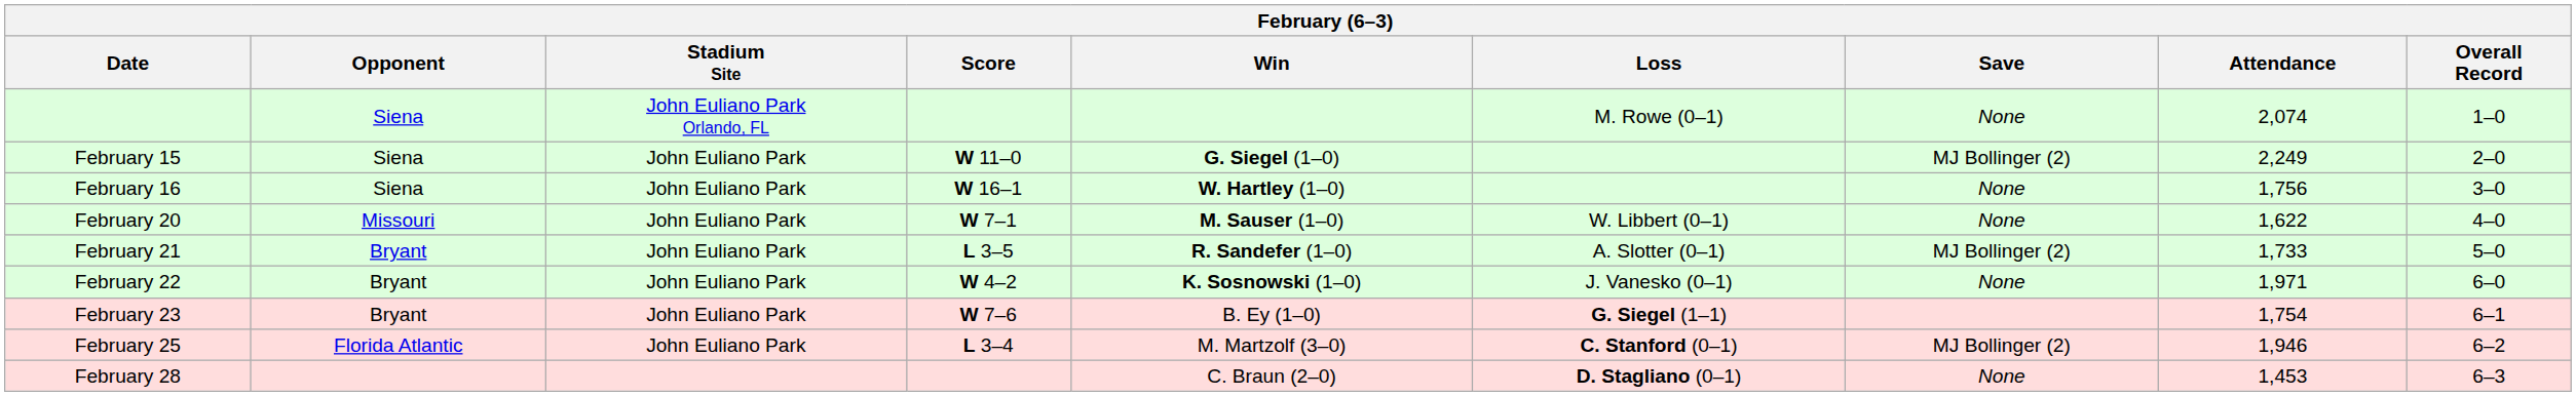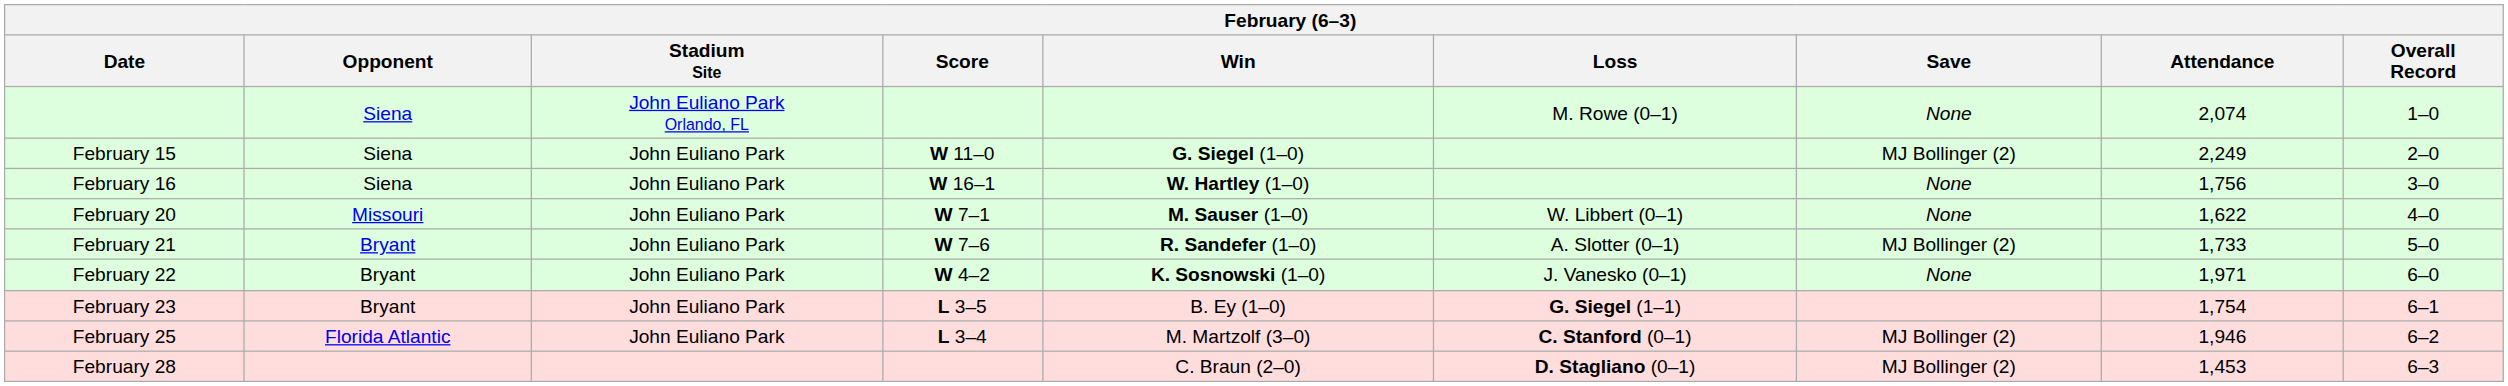 <table class="wikitable collapsible collapsed" style="margin:auto; width:100%; text-align:center; font-size:95%">
 <tr>
 <th colspan=12 style="padding-left:4em;">February (6–3)</th>
 </tr>
 <tr>
 <th>Date</th>
 <th>Opponent</th>
 <th>Stadium<br><small>Site</small></th>
 <th>Score</th>
 <th>Win</th>
 <th>Loss</th>
 <th>Save</th>
 <th>Attendance</th>
 <th>Overall<br>Record</th>
 </tr>
 <tr align="center" bgcolor="ddffdd">
 <td></td>
 <td><a href='#'>Siena</a></td>
 <td><a href='#'>John Euliano Park</a><br><small><a href='#'>Orlando, FL</a></small></td>
 <td></td>
 <td></td>
 <td>M. Rowe (0–1)</td>
 <td><em>None</em></td>
 <td>2,074</td>
 <td>1–0</td>
 </tr>
 <tr align="center" bgcolor="ddffdd">
 <td>February 15</td>
 <td>Siena</td>
 <td>John Euliano Park</td>
 <td><strong>W</strong> 11–0</td>
 <td><strong>G. Siegel</strong> (1–0)</td>
 <td></td>
 <td>MJ Bollinger (2)</td>
 <td>2,249</td>
 <td>2–0</td>
 </tr>
 <tr align="center" bgcolor="ddffdd">
 <td>February 16</td>
 <td>Siena</td>
 <td>John Euliano Park</td>
 <td><strong>W</strong> 16–1</td>
 <td><strong>W. Hartley</strong> (1–0)</td>
 <td></td>
 <td><em>None</em></td>
 <td>1,756</td>
 <td>3–0</td>
 </tr>
 <tr align="center" bgcolor="ddffdd">
 <td>February 20</td>
 <td><a href='#'>Missouri</a></td>
 <td>John Euliano Park</td>
 <td><strong>W</strong> 7–1</td>
 <td><strong>M. Sauser</strong> (1–0)</td>
 <td>W. Libbert (0–1)</td>
 <td><em>None</em></td>
 <td>1,622</td>
 <td>4–0</td>
 </tr>
 <tr align="center" bgcolor="ddffdd">
 <td>February 21</td>
 <td><a href='#'>Bryant</a></td>
 <td>John Euliano Park</td>
-<td><strong>L</strong> 3–5</td>
+<td><strong>W</strong> 7–6</td>
 <td><strong>R. Sandefer</strong> (1–0)</td>
 <td>A. Slotter (0–1)</td>
 <td>MJ Bollinger (2)</td>
 <td>1,733</td>
 <td>5–0</td>
 </tr>
 <tr align="center" bgcolor="ddffdd">
 <td>February 22</td>
 <td>Bryant</td>
 <td>John Euliano Park</td>
 <td><strong>W</strong> 4–2</td>
 <td><strong>K. Sosnowski</strong> (1–0)</td>
 <td>J. Vanesko (0–1)</td>
 <td><em>None</em></td>
 <td>1,971</td>
 <td>6–0</td>
 </tr>
 <tr align="center" bgcolor="ffdddd">
 <td>February 23</td>
 <td>Bryant</td>
 <td>John Euliano Park</td>
-<td><strong>W</strong> 7–6</td>
+<td><strong>L</strong> 3–5</td>
 <td>B. Ey (1–0)</td>
 <td><strong>G. Siegel</strong> (1–1)</td>
 <td></td>
 <td>1,754</td>
 <td>6–1</td>
 </tr>
 <tr align="center" bgcolor="ffdddd">
 <td>February 25</td>
 <td><a href='#'>Florida Atlantic</a></td>
 <td>John Euliano Park</td>
 <td><strong>L</strong> 3–4</td>
 <td>M. Martzolf (3–0)</td>
 <td><strong>C. Stanford</strong> (0–1)</td>
 <td>MJ Bollinger (2)</td>
 <td>1,946</td>
 <td>6–2</td>
 </tr>
 <tr align="center" bgcolor="ffdddd">
 <td>February 28</td>
 <td></td>
 <td></td>
 <td></td>
 <td>C. Braun (2–0)</td>
 <td><strong>D. Stagliano</strong> (0–1)</td>
-<td><em>None</em></td>
+<td>MJ Bollinger (2)</td>
 <td>1,453</td>
 <td>6–3</td>
 </tr>
 </table>
